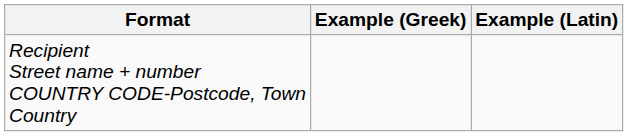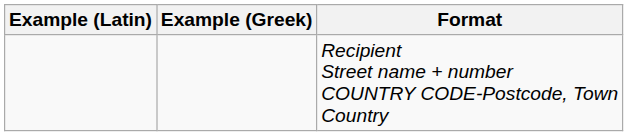 <table class="wikitable">
 <tr>
+<th>Example (Latin)</th>
+<th>Example (Greek)</th>
 <th>Format</th>
-<th>Example (Greek)</th>
-<th>Example (Latin)</th>
 </tr>
 <tr>
-<td><em>Recipient<br>Street name + number<br>COUNTRY CODE-Postcode, Town<br>Country</em></td>
 <td></td>
 <td></td>
+<td><em>Recipient<br>Street name + number<br>COUNTRY CODE-Postcode, Town<br>Country</em></td>
 </tr>
 </table>
